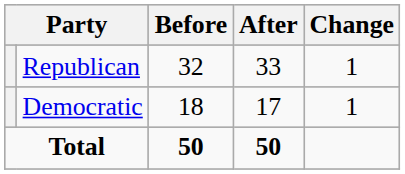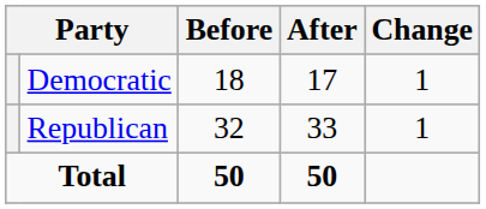 <table class="wikitable" style="text-align:center;">
 <tr>
 <th colspan="2">Party</th>
 <th>Before</th>
 <th>After</th>
 <th>Change</th>
 </tr>
 <tr>
 <th style="background-color:"></th>
-<td style="text-align:left;"><a href='#'>Republican</a></td>
-<td>32</td>
-<td>33</td>
+<td style="text-align:left;"><a href='#'>Democratic</a></td>
+<td>18</td>
+<td>17</td>
 <td> 1</td>
 </tr>
 <tr>
 <th style="background-color:"></th>
-<td style="text-align:left;"><a href='#'>Democratic</a></td>
-<td>18</td>
-<td>17</td>
+<td style="text-align:left;"><a href='#'>Republican</a></td>
+<td>32</td>
+<td>33</td>
 <td> 1</td>
 </tr>
 <tr>
 <td colspan="2"><strong>Total</strong></td>
 <td><strong>50</strong></td>
 <td><strong>50</strong></td>
 <td></td>
 </tr>
 </table>
